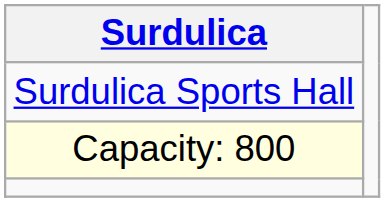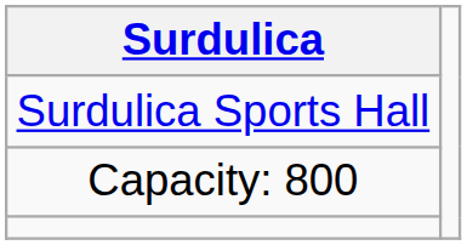 <table class="wikitable" style="text-align:center">
 <tr>
 <th><a href='#'>Surdulica</a></th>
 <td rowspan=4></td>
 </tr>
 <tr>
 <td><a href='#'>Surdulica Sports Hall</a></td>
 </tr>
 <tr>
-<td style="background: lightyellow;">Capacity: 800</td>
+<td>Capacity: 800</td>
 </tr>
 <tr>
 <td></td>
 </tr>
 </table>
